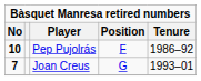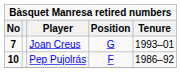 <table class="wikitable sortable" style="text-align:center; font-size:95%;">
 <tr>
 <td colspan=5><strong>Bàsquet Manresa retired numbers</strong></td>
 </tr>
 <tr>
 <th>No</th>
 <th></th>
 <th>Player</th>
 <th>Position</th>
 <th>Tenure</th>
 </tr>
 <tr>
+<td><strong>7</strong></td>
+<td></td>
+<td style="text-align:left;"><a href='#'>Joan Creus</a></td>
+<td><a href='#'>G</a></td>
+<td>1993–01</td>
+</tr>
+<tr>
 <td><strong>10</strong></td>
 <td></td>
 <td style="text-align:left;"><a href='#'>Pep Pujolrás</a></td>
 <td><a href='#'>F</a></td>
 <td>1986–92</td>
 </tr>
 <tr>
-<td><strong>7</strong></td>
-<td></td>
-<td style="text-align:left;"><a href='#'>Joan Creus</a></td>
-<td><a href='#'>G</a></td>
-<td>1993–01</td>
-</tr>
-<tr>
 </tr>
 </table>
